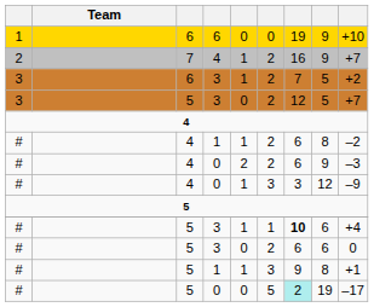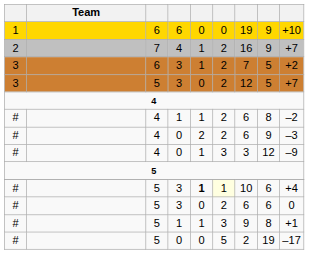 <table class="wikitable" style="text-align:center">
 <tr>
 <th width="25"></th>
 <th width="165">Team</th>
 <th width="25"></th>
 <th width="25"></th>
 <th width="25"></th>
 <th width="25"></th>
 <th width="25"></th>
 <th width="25"></th>
 <th width="25"></th>
 </tr>
 <tr style="background:#FFD700;">
 <td>1</td>
 <td align=left></td>
 <td>6</td>
 <td>6</td>
 <td>0</td>
 <td>0</td>
 <td>19</td>
 <td>9</td>
 <td>+10</td>
 </tr>
 <tr style="background:#C0C0C0;">
 <td>2</td>
 <td align=left></td>
 <td>7</td>
 <td>4</td>
 <td>1</td>
 <td>2</td>
 <td>16</td>
 <td>9</td>
 <td>+7</td>
 </tr>
 <tr style="background:#CD7F32;">
 <td>3</td>
 <td align=left></td>
 <td>6</td>
 <td>3</td>
 <td>1</td>
 <td>2</td>
 <td>7</td>
 <td>5</td>
 <td>+2</td>
 </tr>
 <tr style="background:#CD7F32;">
 <td>3</td>
 <td align=left></td>
 <td>5</td>
 <td>3</td>
 <td>0</td>
 <td>2</td>
 <td>12</td>
 <td>5</td>
 <td>+7</td>
 </tr>
 <tr>
 <td colspan=10><small><strong>4 </strong></small></td>
 </tr>
 <tr>
 <td>#</td>
 <td align=left></td>
 <td>4</td>
 <td>1</td>
 <td>1</td>
 <td>2</td>
 <td>6</td>
 <td>8</td>
 <td>–2</td>
 </tr>
 <tr>
 <td>#</td>
 <td align=left></td>
 <td>4</td>
 <td>0</td>
 <td>2</td>
 <td>2</td>
 <td>6</td>
 <td>9</td>
 <td>–3</td>
 </tr>
 <tr>
 <td>#</td>
 <td align=left></td>
 <td>4</td>
 <td>0</td>
 <td>1</td>
 <td>3</td>
 <td>3</td>
 <td>12</td>
 <td>–9</td>
 </tr>
 <tr>
 <td colspan=10><small><strong>5 </strong></small></td>
 </tr>
 <tr>
 </tr>
 <tr>
 <td>#</td>
 <td align=left></td>
 <td>5</td>
 <td>3</td>
-<td>1</td>
-<td>1</td>
-<td><strong>10</strong></td>
+<td><strong>1</strong></td>
+<td style="background: lightyellow;">1</td>
+<td>10</td>
 <td>6</td>
 <td>+4</td>
 </tr>
 <tr>
 <td>#</td>
 <td align=left></td>
 <td>5</td>
 <td>3</td>
 <td>0</td>
 <td>2</td>
 <td>6</td>
 <td>6</td>
 <td>0</td>
 </tr>
 <tr>
 <td>#</td>
 <td align=left></td>
 <td>5</td>
 <td>1</td>
 <td>1</td>
 <td>3</td>
 <td>9</td>
 <td>8</td>
 <td>+1</td>
 </tr>
 <tr>
 <td>#</td>
 <td align=left></td>
 <td>5</td>
 <td>0</td>
 <td>0</td>
 <td>5</td>
-<td style="background: paleturquoise;">2</td>
+<td>2</td>
 <td>19</td>
 <td>–17</td>
 </tr>
 </table>
